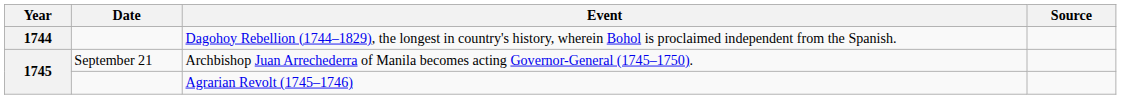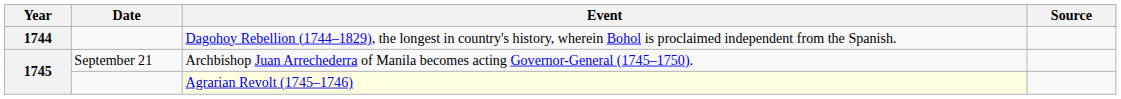 <table class="wikitable toptextcells" style="width:100%;">
 <tr>
 <th scope="col" style="width:6%;">Year</th>
 <th scope="col" style="width:10%;">Date</th>
 <th scope="col">Event</th>
 <th scope="col" style="width:8%;">Source</th>
 </tr>
 <tr>
 <th scope="row">1744</th>
 <td></td>
 <td><a href='#'>Dagohoy Rebellion (1744–1829)</a>, the longest in country's history, wherein <a href='#'>Bohol</a> is proclaimed independent from the Spanish.</td>
 <td></td>
 </tr>
 <tr>
 <th scope="row" rowspan="2">1745</th>
 <td>September 21</td>
 <td>Archbishop <a href='#'>Juan Arrechederra</a> of Manila becomes acting <a href='#'>Governor-General (1745–1750)</a>.</td>
 <td></td>
 </tr>
 <tr>
 <td></td>
-<td><a href='#'>Agrarian Revolt (1745–1746)</a></td>
+<td style="background: lightyellow;"><a href='#'>Agrarian Revolt (1745–1746)</a></td>
 <td></td>
 </tr>
 </table>
